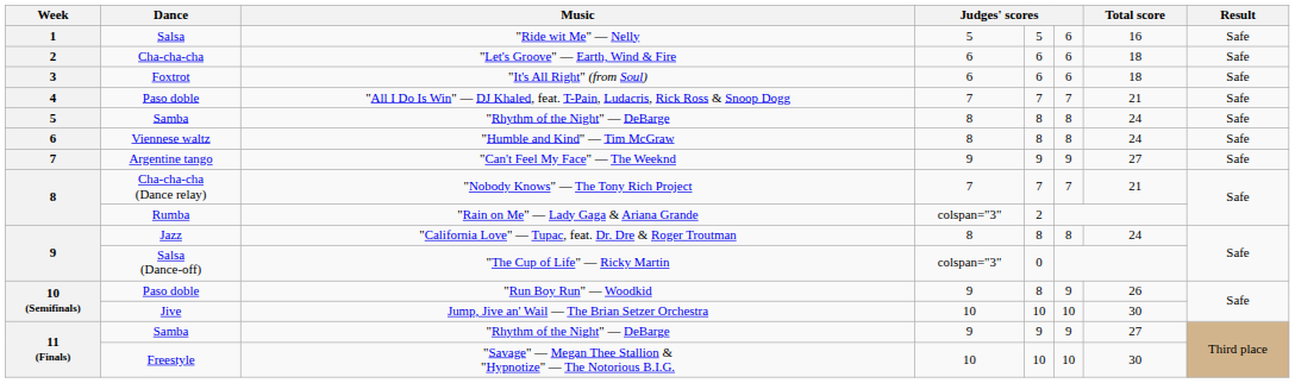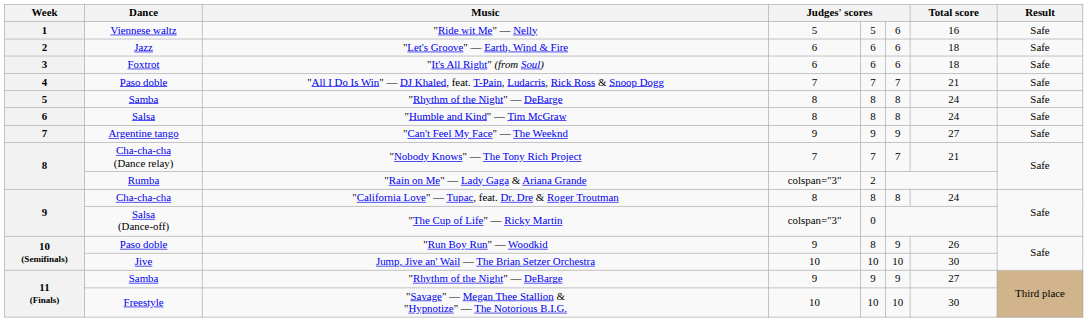 <table class="wikitable unsortable" style="text-align:center; width:80%">
 <tr>
 <th scope="col">Week</th>
 <th scope="col">Dance</th>
 <th scope="col">Music</th>
 <th scope="col" colspan="3">Judges' scores</th>
 <th scope="col">Total score</th>
 <th scope="col">Result</th>
 </tr>
 <tr>
 <th scope="row">1</th>
-<td><a href='#'>Salsa</a></td>
+<td><a href='#'>Viennese waltz</a></td>
 <td>"<a href='#'>Ride wit Me</a>" — <a href='#'>Nelly</a></td>
 <td>5</td>
 <td>5</td>
 <td>6</td>
 <td>16</td>
 <td>Safe</td>
 </tr>
 <tr>
 <th scope="row">2</th>
-<td><a href='#'>Cha-cha-cha</a></td>
+<td><a href='#'>Jazz</a></td>
 <td>"<a href='#'>Let's Groove</a>" — <a href='#'>Earth, Wind & Fire</a></td>
 <td>6</td>
 <td>6</td>
 <td>6</td>
 <td>18</td>
 <td>Safe</td>
 </tr>
 <tr>
 <th scope="row">3</th>
 <td><a href='#'>Foxtrot</a></td>
 <td>"<a href='#'>It's All Right</a>" <em>(from <a href='#'>Soul</a>)</em></td>
 <td>6</td>
 <td>6</td>
 <td>6</td>
 <td>18</td>
 <td>Safe</td>
 </tr>
 <tr>
 <th scope="row">4</th>
 <td><a href='#'>Paso doble</a></td>
 <td>"<a href='#'>All I Do Is Win</a>" — <a href='#'>DJ Khaled</a>, feat. <a href='#'>T-Pain</a>, <a href='#'>Ludacris</a>, <a href='#'>Rick Ross</a> & <a href='#'>Snoop Dogg</a></td>
 <td>7</td>
 <td>7</td>
 <td>7</td>
 <td>21</td>
 <td>Safe</td>
 </tr>
 <tr>
 <th scope="row">5</th>
 <td><a href='#'>Samba</a></td>
 <td>"<a href='#'>Rhythm of the Night</a>" — <a href='#'>DeBarge</a></td>
 <td>8</td>
 <td>8</td>
 <td>8</td>
 <td>24</td>
 <td>Safe</td>
 </tr>
 <tr>
 <th scope="row">6</th>
-<td><a href='#'>Viennese waltz</a></td>
+<td><a href='#'>Salsa</a></td>
 <td>"<a href='#'>Humble and Kind</a>" — <a href='#'>Tim McGraw</a></td>
 <td>8</td>
 <td>8</td>
 <td>8</td>
 <td>24</td>
 <td>Safe</td>
 </tr>
 <tr>
 <th scope="row">7</th>
 <td><a href='#'>Argentine tango</a></td>
 <td>"<a href='#'>Can't Feel My Face</a>" — <a href='#'>The Weeknd</a></td>
 <td>9</td>
 <td>9</td>
 <td>9</td>
 <td>27</td>
 <td>Safe</td>
 </tr>
 <tr>
 <th rowspan="2" scope="row">8</th>
 <td><a href='#'>Cha-cha-cha</a><br>(Dance relay)</td>
 <td>"<a href='#'>Nobody Knows</a>" — <a href='#'>The Tony Rich Project</a></td>
 <td>7</td>
 <td>7</td>
 <td>7</td>
 <td>21</td>
 <td rowspan="2">Safe</td>
 </tr>
 <tr>
 <td><a href='#'>Rumba</a></td>
 <td>"<a href='#'>Rain on Me</a>" — <a href='#'>Lady Gaga</a> & <a href='#'>Ariana Grande</a></td>
 <td>colspan="3" </td>
 <td>2</td>
 </tr>
 <tr>
 <th rowspan="2" scope="row">9</th>
-<td><a href='#'>Jazz</a></td>
+<td><a href='#'>Cha-cha-cha</a></td>
 <td>"<a href='#'>California Love</a>" — <a href='#'>Tupac</a>, feat. <a href='#'>Dr. Dre</a> & <a href='#'>Roger Troutman</a></td>
 <td>8</td>
 <td>8</td>
 <td>8</td>
 <td>24</td>
 <td rowspan="2">Safe</td>
 </tr>
 <tr>
 <td><a href='#'>Salsa</a><br>(Dance-off)</td>
 <td>"<a href='#'>The Cup of Life</a>" — <a href='#'>Ricky Martin</a></td>
 <td>colspan="3" </td>
 <td>0</td>
 </tr>
 <tr>
 <th rowspan="2" scopr="row">10<br><small>(Semifinals)</small></th>
 <td><a href='#'>Paso doble</a></td>
 <td>"<a href='#'>Run Boy Run</a>" — <a href='#'>Woodkid</a></td>
 <td>9</td>
 <td>8</td>
 <td>9</td>
 <td>26</td>
 <td rowspan="2">Safe</td>
 </tr>
 <tr>
 <td><a href='#'>Jive</a></td>
 <td><a href='#'>Jump, Jive an' Wail</a> — <a href='#'>The Brian Setzer Orchestra</a></td>
 <td>10</td>
 <td>10</td>
 <td>10</td>
 <td>30</td>
 </tr>
 <tr>
 <th rowspan="2" scope="row">11<br><small>(Finals)</small></th>
 <td><a href='#'>Samba</a></td>
 <td>"<a href='#'>Rhythm of the Night</a>" — <a href='#'>DeBarge</a></td>
 <td>9</td>
 <td>9</td>
 <td>9</td>
 <td>27</td>
 <td rowspan="2" bgcolor=tan>Third place</td>
 </tr>
 <tr>
 <td><a href='#'>Freestyle</a></td>
 <td>"<a href='#'>Savage</a>" — <a href='#'>Megan Thee Stallion</a> &<br>"<a href='#'>Hypnotize</a>" — <a href='#'>The Notorious B.I.G.</a></td>
 <td>10</td>
 <td>10</td>
 <td>10</td>
 <td>30</td>
 </tr>
 </table>
